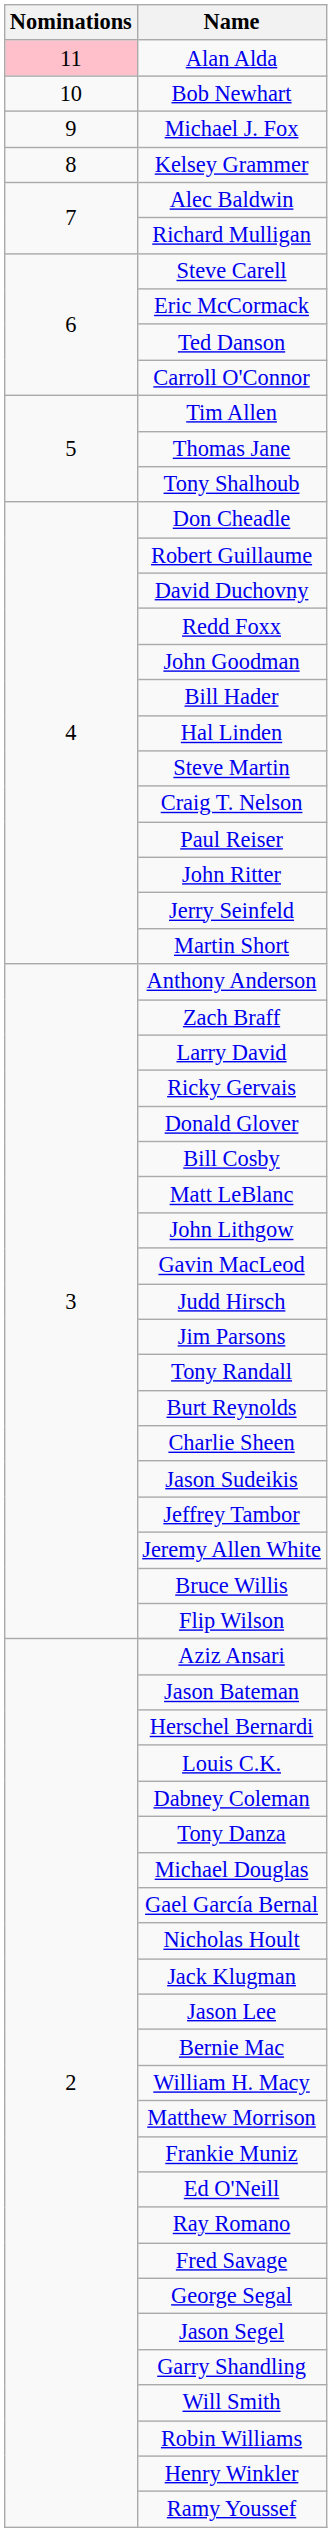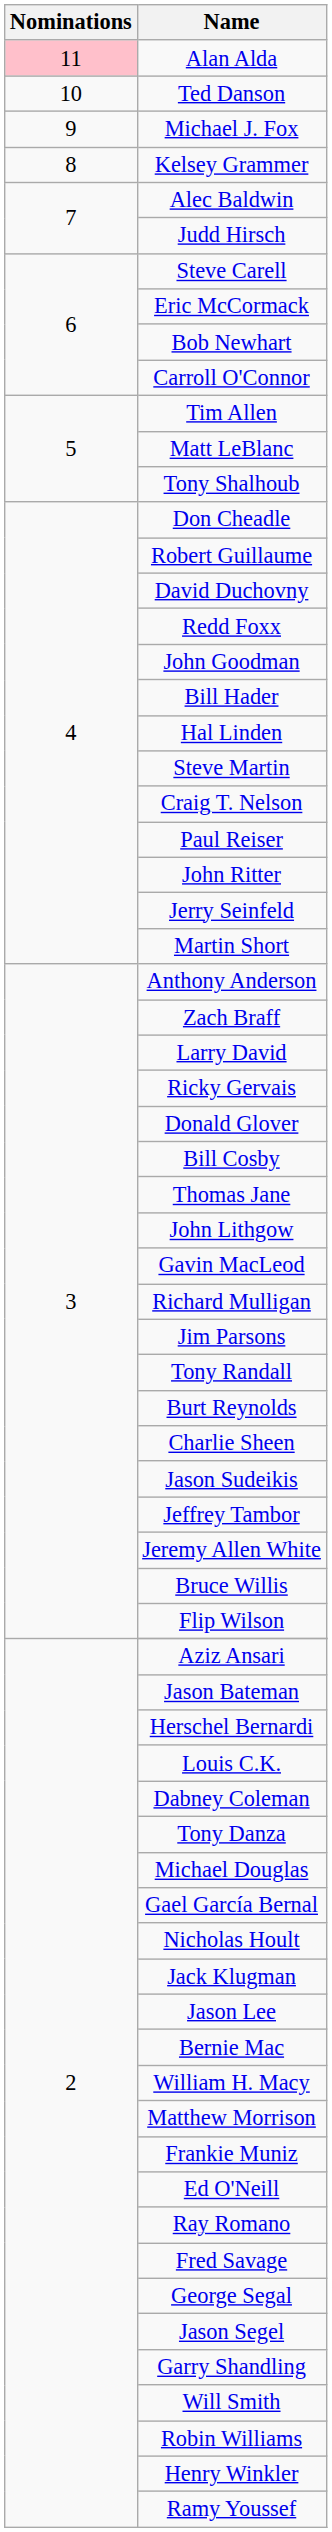 <table class="wikitable sortable" style="text-align: center;">
 <tr>
 <th scope="col" width="55">Nominations</th>
 <th scope="col" align="center">Name</th>
 </tr>
 <tr>
 <td style="background: pink;">11</td>
 <td><a href='#'>Alan Alda</a></td>
 </tr>
 <tr>
 <td rowspan="1">10</td>
-<td><a href='#'>Bob Newhart</a></td>
+<td><a href='#'>Ted Danson</a></td>
 </tr>
 <tr>
 <td rowspan="1">9</td>
 <td><a href='#'>Michael J. Fox</a></td>
 </tr>
 <tr>
 <td>8</td>
 <td><a href='#'>Kelsey Grammer</a></td>
 </tr>
 <tr>
 <td rowspan="2">7</td>
 <td><a href='#'>Alec Baldwin</a></td>
 </tr>
 <tr>
-<td><a href='#'>Richard Mulligan</a></td>
+<td><a href='#'>Judd Hirsch</a></td>
 </tr>
 <tr>
 <td rowspan="4">6</td>
 <td><a href='#'>Steve Carell</a></td>
 </tr>
 <tr>
 <td><a href='#'>Eric McCormack</a></td>
 </tr>
 <tr>
-<td><a href='#'>Ted Danson</a></td>
+<td><a href='#'>Bob Newhart</a></td>
 </tr>
 <tr>
 <td><a href='#'>Carroll O'Connor</a></td>
 </tr>
 <tr>
 <td rowspan="3">5</td>
 <td><a href='#'>Tim Allen</a></td>
 </tr>
 <tr>
-<td><a href='#'>Thomas Jane</a></td>
+<td><a href='#'>Matt LeBlanc</a></td>
 </tr>
 <tr>
 <td><a href='#'>Tony Shalhoub</a></td>
 </tr>
 <tr>
 <td rowspan="13">4</td>
 <td><a href='#'>Don Cheadle</a></td>
 </tr>
 <tr>
 <td><a href='#'>Robert Guillaume</a></td>
 </tr>
 <tr>
 <td><a href='#'>David Duchovny</a></td>
 </tr>
 <tr>
 <td><a href='#'>Redd Foxx</a></td>
 </tr>
 <tr>
 <td><a href='#'>John Goodman</a></td>
 </tr>
 <tr>
 <td><a href='#'>Bill Hader</a></td>
 </tr>
 <tr>
 <td><a href='#'>Hal Linden</a></td>
 </tr>
 <tr>
 <td><a href='#'>Steve Martin</a></td>
 </tr>
 <tr>
 <td><a href='#'>Craig T. Nelson</a></td>
 </tr>
 <tr>
 <td><a href='#'>Paul Reiser</a></td>
 </tr>
 <tr>
 <td><a href='#'>John Ritter</a></td>
 </tr>
 <tr>
 <td><a href='#'>Jerry Seinfeld</a></td>
 </tr>
 <tr>
 <td><a href='#'>Martin Short</a></td>
 </tr>
 <tr>
 <td rowspan="19">3</td>
 <td><a href='#'>Anthony Anderson</a></td>
 </tr>
 <tr>
 <td><a href='#'>Zach Braff</a></td>
 </tr>
 <tr>
 <td><a href='#'>Larry David</a></td>
 </tr>
 <tr>
 <td><a href='#'>Ricky Gervais</a></td>
 </tr>
 <tr>
 <td><a href='#'>Donald Glover</a></td>
 </tr>
 <tr>
 <td><a href='#'>Bill Cosby</a></td>
 </tr>
 <tr>
-<td><a href='#'>Matt LeBlanc</a></td>
+<td><a href='#'>Thomas Jane</a></td>
 </tr>
 <tr>
 <td><a href='#'>John Lithgow</a></td>
 </tr>
 <tr>
 <td><a href='#'>Gavin MacLeod</a></td>
 </tr>
 <tr>
-<td><a href='#'>Judd Hirsch</a></td>
+<td><a href='#'>Richard Mulligan</a></td>
 </tr>
 <tr>
 <td><a href='#'>Jim Parsons</a></td>
 </tr>
 <tr>
 <td><a href='#'>Tony Randall</a></td>
 </tr>
 <tr>
 <td><a href='#'>Burt Reynolds</a></td>
 </tr>
 <tr>
 <td><a href='#'>Charlie Sheen</a></td>
 </tr>
 <tr>
 <td><a href='#'>Jason Sudeikis</a></td>
 </tr>
 <tr>
 <td><a href='#'>Jeffrey Tambor</a></td>
 </tr>
 <tr>
 <td><a href='#'>Jeremy Allen White</a></td>
 </tr>
 <tr>
 <td><a href='#'>Bruce Willis</a></td>
 </tr>
 <tr>
 <td><a href='#'>Flip Wilson</a></td>
 </tr>
 <tr>
 <td rowspan="26">2</td>
 </tr>
 <tr>
 <td><a href='#'>Aziz Ansari</a></td>
 </tr>
 <tr>
 <td><a href='#'>Jason Bateman</a></td>
 </tr>
 <tr>
 <td><a href='#'>Herschel Bernardi</a></td>
 </tr>
 <tr>
 <td><a href='#'>Louis C.K.</a></td>
 </tr>
 <tr>
 <td><a href='#'>Dabney Coleman</a></td>
 </tr>
 <tr>
 <td><a href='#'>Tony Danza</a></td>
 </tr>
 <tr>
 <td><a href='#'>Michael Douglas</a></td>
 </tr>
 <tr>
 <td><a href='#'>Gael García Bernal</a></td>
 </tr>
 <tr>
 <td><a href='#'>Nicholas Hoult</a></td>
 </tr>
 <tr>
 <td><a href='#'>Jack Klugman</a></td>
 </tr>
 <tr>
 <td><a href='#'>Jason Lee</a></td>
 </tr>
 <tr>
 <td><a href='#'>Bernie Mac</a></td>
 </tr>
 <tr>
 <td><a href='#'>William H. Macy</a></td>
 </tr>
 <tr>
 <td><a href='#'>Matthew Morrison</a></td>
 </tr>
 <tr>
 <td><a href='#'>Frankie Muniz</a></td>
 </tr>
 <tr>
 <td><a href='#'>Ed O'Neill</a></td>
 </tr>
 <tr>
 <td><a href='#'>Ray Romano</a></td>
 </tr>
 <tr>
 <td><a href='#'>Fred Savage</a></td>
 </tr>
 <tr>
 <td><a href='#'>George Segal</a></td>
 </tr>
 <tr>
 <td><a href='#'>Jason Segel</a></td>
 </tr>
 <tr>
 <td><a href='#'>Garry Shandling</a></td>
 </tr>
 <tr>
 <td><a href='#'>Will Smith</a></td>
 </tr>
 <tr>
 <td><a href='#'>Robin Williams</a></td>
 </tr>
 <tr>
 <td><a href='#'>Henry Winkler</a></td>
 </tr>
 <tr>
 <td><a href='#'>Ramy Youssef</a></td>
 </tr>
 <tr>
 </tr>
 </table>
